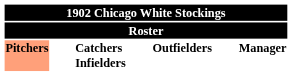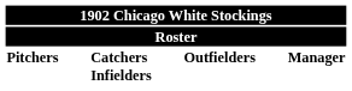 <table class="toccolours" style="font-size: 95%;">
 <tr>
 <th colspan="10" style="background-color: black; color: white; text-align: center;">1902 Chicago White Stockings</th>
 </tr>
 <tr>
 <td colspan="10" style="background-color:black; color: white; text-align: center;"><strong>Roster</strong></td>
 </tr>
 <tr>
-<td valign="top" style="background: lightsalmon;"><strong>Pitchers</strong><br>        </td>
+<td valign="top"><strong>Pitchers</strong><br>        </td>
 <td width="25px"></td>
 <td valign="top"><strong>Catchers</strong><br>   <strong>Infielders</strong>    </td>
 <td width="25px"></td>
 <td valign="top"><strong>Outfielders</strong><br>   </td>
 <td width="25px"></td>
 <td valign="top"><strong>Manager</strong><br></td>
 </tr>
 </table>
